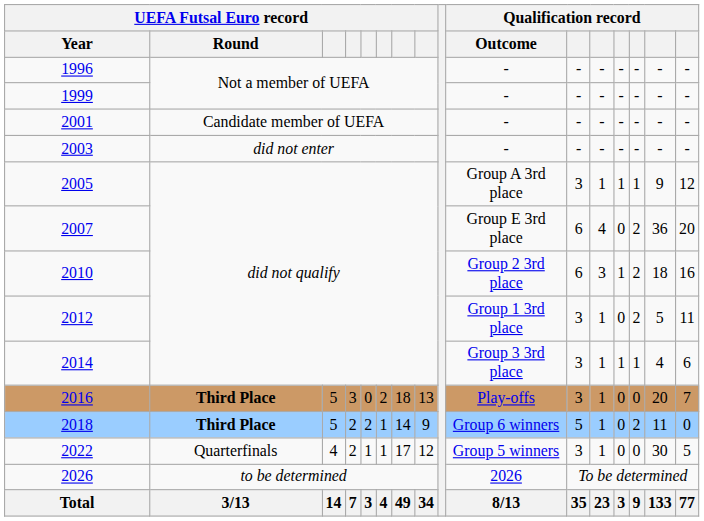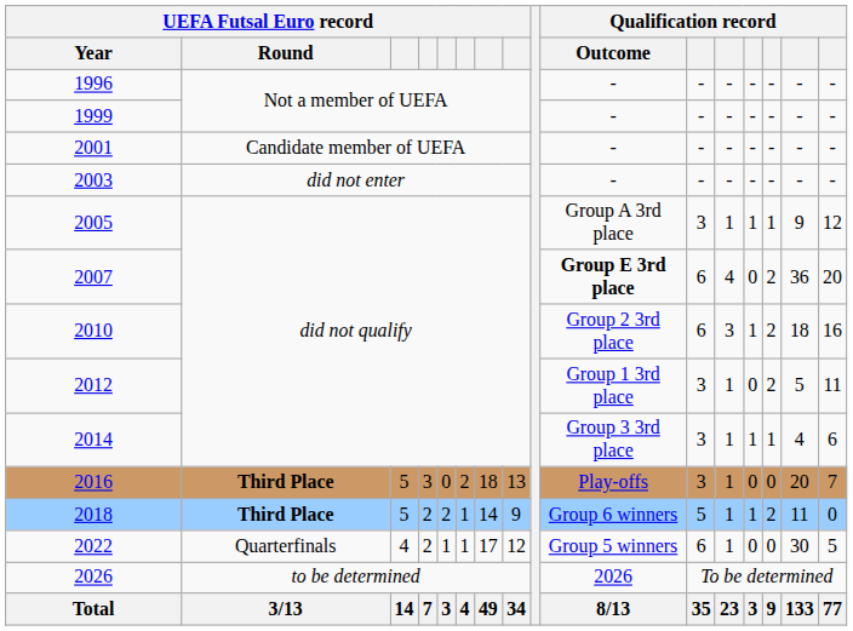 <table class="wikitable" width=50% style="text-align: center;font-size:90%;">
 <tr>
 <th colspan=8><a href='#'>UEFA Futsal Euro</a> record</th>
 <th width=1% rowspan=17></th>
 <th colspan=7>Qualification record</th>
 </tr>
 <tr>
 <th width=125px>Year</th>
 <th width=150px>Round</th>
 <th></th>
 <th></th>
 <th></th>
 <th></th>
 <th></th>
 <th></th>
 <th>Outcome</th>
 <th></th>
 <th></th>
 <th></th>
 <th></th>
 <th></th>
 <th></th>
 </tr>
 <tr>
 <td> <a href='#'>1996</a></td>
 <td colspan=7 rowspan=2>Not a member of UEFA</td>
 <td>-</td>
 <td>-</td>
 <td>-</td>
 <td>-</td>
 <td>-</td>
 <td>-</td>
 <td>-</td>
 </tr>
 <tr - bgcolor=>
 <td> <a href='#'>1999</a></td>
 <td>-</td>
 <td>-</td>
 <td>-</td>
 <td>-</td>
 <td>-</td>
 <td>-</td>
 <td>-</td>
 </tr>
 <tr - bgcolor=>
 <td> <a href='#'>2001</a></td>
 <td colspan=7>Candidate member of UEFA</td>
 <td>-</td>
 <td>-</td>
 <td>-</td>
 <td>-</td>
 <td>-</td>
 <td>-</td>
 <td>-</td>
 </tr>
 <tr - bgcolor=>
 <td> <a href='#'>2003</a></td>
 <td colspan=7><em>did not enter</em></td>
 <td>-</td>
 <td>-</td>
 <td>-</td>
 <td>-</td>
 <td>-</td>
 <td>-</td>
 <td>-</td>
 </tr>
 <tr - bgcolor=>
 <td> <a href='#'>2005</a></td>
 <td colspan=7 rowspan=5><em>did not qualify</em></td>
 <td>Group A 3rd place</td>
 <td>3</td>
 <td>1</td>
 <td>1</td>
 <td>1</td>
 <td>9</td>
 <td>12</td>
 </tr>
 <tr - bgcolor=>
 <td> <a href='#'>2007</a></td>
-<td>Group E 3rd place</td>
+<td><strong>Group E 3rd place</strong></td>
 <td>6</td>
 <td>4</td>
 <td>0</td>
 <td>2</td>
 <td>36</td>
 <td>20</td>
 </tr>
 <tr - bgcolor=>
 <td> <a href='#'>2010</a></td>
 <td><a href='#'>Group 2 3rd place</a></td>
 <td>6</td>
 <td>3</td>
 <td>1</td>
 <td>2</td>
 <td>18</td>
 <td>16</td>
 </tr>
 <tr - bgcolor=>
 <td> <a href='#'>2012</a></td>
 <td><a href='#'>Group 1 3rd place</a></td>
 <td>3</td>
 <td>1</td>
 <td>0</td>
 <td>2</td>
 <td>5</td>
 <td>11</td>
 </tr>
 <tr - bgcolor=>
 <td> <a href='#'>2014</a></td>
 <td><a href='#'>Group 3 3rd place</a></td>
 <td>3</td>
 <td>1</td>
 <td>1</td>
 <td>1</td>
 <td>4</td>
 <td>6</td>
 </tr>
 <tr - bgcolor="#cc9966">
 <td> <a href='#'>2016</a></td>
 <td><strong>Third Place</strong></td>
 <td>5</td>
 <td>3</td>
 <td>0</td>
 <td>2</td>
 <td>18</td>
 <td>13</td>
 <td><a href='#'>Play-offs</a></td>
 <td>3</td>
 <td>1</td>
 <td>0</td>
 <td>0</td>
 <td>20</td>
 <td>7</td>
 </tr>
 <tr - bgcolor="#9acdff">
 <td> <a href='#'>2018</a></td>
 <td><strong>Third Place</strong></td>
 <td>5</td>
 <td>2</td>
 <td>2</td>
 <td>1</td>
 <td>14</td>
 <td>9</td>
 <td><a href='#'>Group 6 winners</a></td>
 <td>5</td>
 <td>1</td>
-<td>0</td>
+<td>1</td>
 <td>2</td>
 <td>11</td>
 <td>0</td>
 </tr>
 <tr - bgcolor=>
 <td> <a href='#'>2022</a></td>
 <td>Quarterfinals</td>
 <td>4</td>
 <td>2</td>
 <td>1</td>
 <td>1</td>
 <td>17</td>
 <td>12</td>
 <td><a href='#'>Group 5 winners</a></td>
-<td>3</td>
+<td>6</td>
 <td>1</td>
 <td>0</td>
 <td>0</td>
 <td>30</td>
 <td>5</td>
 </tr>
 <tr - bgcolor=>
 <td> <a href='#'>2026</a></td>
 <td colspan=7><em>to be determined</em></td>
 <td><a href='#'>2026</a></td>
 <td colspan=6><em>To be determined</em></td>
 </tr>
 <tr>
 <th><strong>Total</strong></th>
 <th>3/13</th>
 <th>14</th>
 <th>7</th>
 <th>3</th>
 <th>4</th>
 <th>49</th>
 <th>34</th>
 <th>8/13</th>
 <th>35</th>
 <th>23</th>
 <th>3</th>
 <th>9</th>
 <th>133</th>
 <th>77</th>
 </tr>
 </table>
